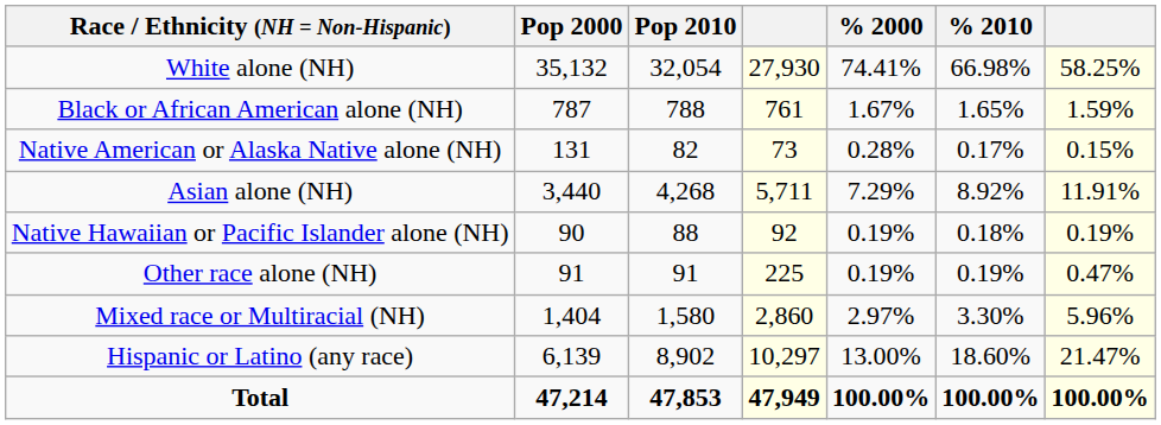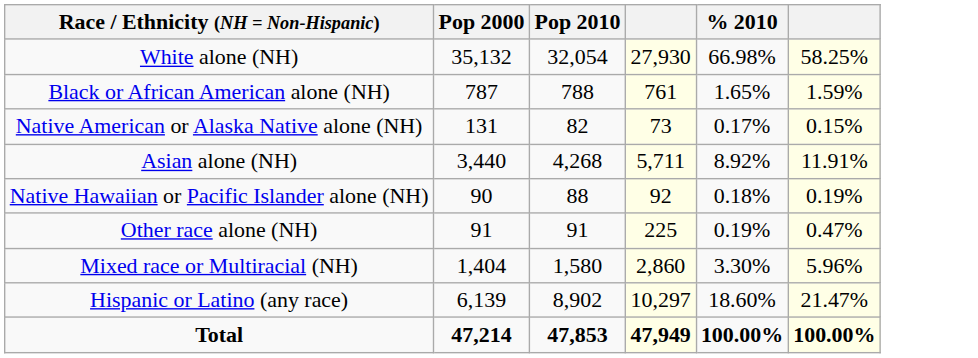 <table class="wikitable" style="text-align:center;">
 <tr>
 <th>Race / Ethnicity <small>(<em>NH = Non-Hispanic</em>)</small></th>
 <th>Pop 2000</th>
 <th>Pop 2010</th>
 <th></th>
-<th>% 2000</th>
 <th>% 2010</th>
 <th></th>
 </tr>
 <tr>
 <td><a href='#'>White</a> alone (NH)</td>
 <td>35,132</td>
 <td>32,054</td>
 <td style='background: #ffffe6;'>27,930</td>
-<td>74.41%</td>
 <td>66.98%</td>
 <td style='background: #ffffe6;'>58.25%</td>
 </tr>
 <tr>
 <td><a href='#'>Black or African American</a> alone (NH)</td>
 <td>787</td>
 <td>788</td>
 <td style='background: #ffffe6;'>761</td>
-<td>1.67%</td>
 <td>1.65%</td>
 <td style='background: #ffffe6;'>1.59%</td>
 </tr>
 <tr>
 <td><a href='#'>Native American</a> or <a href='#'>Alaska Native</a> alone (NH)</td>
 <td>131</td>
 <td>82</td>
 <td style='background: #ffffe6;'>73</td>
-<td>0.28%</td>
 <td>0.17%</td>
 <td style='background: #ffffe6;'>0.15%</td>
 </tr>
 <tr>
 <td><a href='#'>Asian</a> alone (NH)</td>
 <td>3,440</td>
 <td>4,268</td>
 <td style='background: #ffffe6;'>5,711</td>
-<td>7.29%</td>
 <td>8.92%</td>
 <td style='background: #ffffe6;'>11.91%</td>
 </tr>
 <tr>
 <td><a href='#'>Native Hawaiian</a> or <a href='#'>Pacific Islander</a> alone (NH)</td>
 <td>90</td>
 <td>88</td>
 <td style='background: #ffffe6;'>92</td>
-<td>0.19%</td>
 <td>0.18%</td>
 <td style='background: #ffffe6;'>0.19%</td>
 </tr>
 <tr>
 <td><a href='#'>Other race</a> alone (NH)</td>
 <td>91</td>
 <td>91</td>
 <td style='background: #ffffe6;'>225</td>
 <td>0.19%</td>
-<td>0.19%</td>
 <td style='background: #ffffe6;'>0.47%</td>
 </tr>
 <tr>
 <td><a href='#'>Mixed race or Multiracial</a> (NH)</td>
 <td>1,404</td>
 <td>1,580</td>
 <td style='background: #ffffe6;'>2,860</td>
-<td>2.97%</td>
 <td>3.30%</td>
 <td style='background: #ffffe6;'>5.96%</td>
 </tr>
 <tr>
 <td><a href='#'>Hispanic or Latino</a> (any race)</td>
 <td>6,139</td>
 <td>8,902</td>
 <td style='background: #ffffe6;'>10,297</td>
-<td>13.00%</td>
 <td>18.60%</td>
 <td style='background: #ffffe6;'>21.47%</td>
 </tr>
 <tr>
 <td><strong>Total</strong></td>
 <td><strong>47,214</strong></td>
 <td><strong>47,853</strong></td>
 <td style='background: #ffffe6;'><strong>47,949</strong></td>
 <td><strong>100.00%</strong></td>
-<td><strong>100.00%</strong></td>
 <td style='background: #ffffe6;'><strong>100.00%</strong></td>
 </tr>
 </table>
